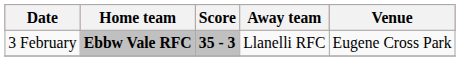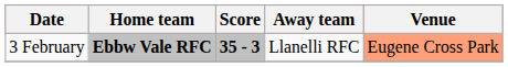 <table class="wikitable" style="margin:0.5em auto; font-size:95%">
 <tr bgcolor="#E00000">
 <th>Date</th>
 <th>Home team</th>
 <th>Score</th>
 <th>Away team</th>
 <th>Venue</th>
 </tr>
 <tr>
 <td>3 February</td>
 <td bgcolor="silver"><strong>Ebbw Vale RFC</strong></td>
 <td bgcolor="silver"><strong>35 - 3</strong></td>
 <td>Llanelli RFC</td>
-<td>Eugene Cross Park</td>
+<td style="background: lightsalmon;">Eugene Cross Park</td>
 </tr>
 <tr>
 </tr>
 </table>
